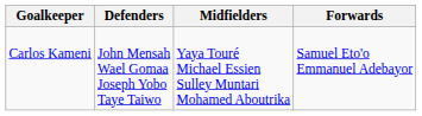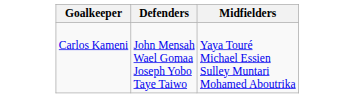 <table class="wikitable" style="margin:0 auto">
 <tr>
 <th>Goalkeeper</th>
 <th>Defenders</th>
 <th>Midfielders</th>
-<th>Forwards</th>
 </tr>
 <tr>
 <td align=left valign=top><br> <a href='#'>Carlos Kameni</a></td>
 <td align=left valign=top><br> <a href='#'>John Mensah</a><br>  <a href='#'>Wael Gomaa</a><br>  <a href='#'>Joseph Yobo</a><br>  <a href='#'>Taye Taiwo</a></td>
 <td align=left valign=top><br> <a href='#'>Yaya Touré</a><br>  <a href='#'>Michael Essien</a><br>  <a href='#'>Sulley Muntari</a><br>  <a href='#'>Mohamed Aboutrika</a></td>
-<td align=left valign=top><br> <a href='#'>Samuel Eto'o</a><br>  <a href='#'>Emmanuel Adebayor</a></td>
 </tr>
 </table>
